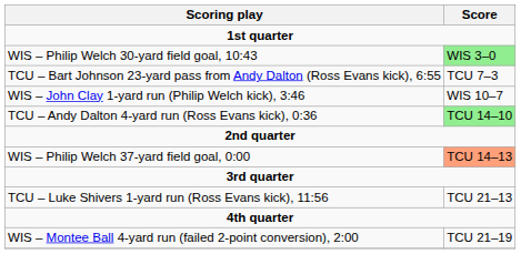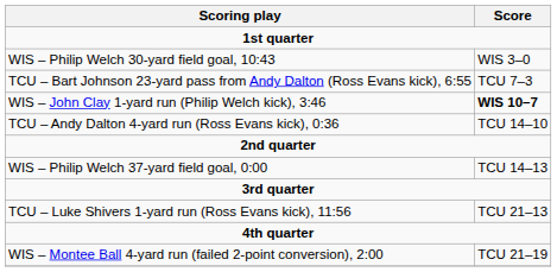 <table class="wikitable">
 <tr>
 <th>Scoring play</th>
 <th>Score</th>
 </tr>
 <tr>
 <td colspan="4" align="center"><strong>1st quarter</strong></td>
 </tr>
 <tr>
 <td>WIS – Philip Welch 30-yard field goal, 10:43</td>
-<td style="background: lightgreen;">WIS 3–0</td>
+<td>WIS 3–0</td>
 </tr>
 <tr>
 <td>TCU – Bart Johnson 23-yard pass from <a href='#'>Andy Dalton</a> (Ross Evans kick), 6:55</td>
 <td>TCU 7–3</td>
 </tr>
 <tr>
 <td>WIS – <a href='#'>John Clay</a> 1-yard run (Philip Welch kick), 3:46</td>
-<td>WIS 10–7</td>
+<td><strong>WIS 10–7</strong></td>
 </tr>
 <tr>
 <td>TCU – Andy Dalton 4-yard run (Ross Evans kick), 0:36</td>
-<td style="background: lightgreen;">TCU 14–10</td>
+<td>TCU 14–10</td>
 </tr>
 <tr>
 <td colspan="4" align="center"><strong>2nd quarter</strong></td>
 </tr>
 <tr>
 <td>WIS – Philip Welch 37-yard field goal, 0:00</td>
-<td style="background: lightsalmon;">TCU 14–13</td>
+<td>TCU 14–13</td>
 </tr>
 <tr>
 <td colspan="4" align="center"><strong>3rd quarter</strong></td>
 </tr>
 <tr>
 <td>TCU – Luke Shivers 1-yard run (Ross Evans kick), 11:56</td>
 <td>TCU 21–13</td>
 </tr>
 <tr>
 <td colspan="4" align="center"><strong>4th quarter</strong></td>
 </tr>
 <tr>
 <td>WIS – <a href='#'>Montee Ball</a> 4-yard run (failed 2-point conversion), 2:00</td>
 <td>TCU 21–19</td>
 </tr>
 <tr>
 </tr>
 </table>
